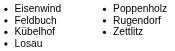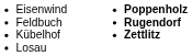 <table>
 <tr>
 <th width=150 align=left></th>
 <th width=150 align=left></th>
 </tr>
 <tr valign=top>
 <td><br><ul><li>Eisenwind</li><li>Feldbuch</li><li>Kübelhof</li><li>Losau</li></ul></td>
-<td><br><ul><li>Poppenholz</li><li>Rugendorf</li><li>Zettlitz</li></ul></td>
+<td><strong><br><ul><li>Poppenholz</li><li>Rugendorf</li><li>Zettlitz</li></ul></strong></td>
 </tr>
 </table>
